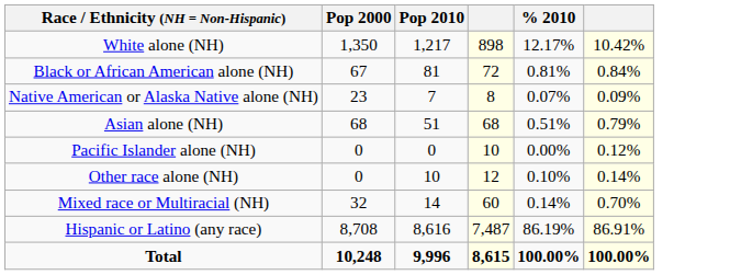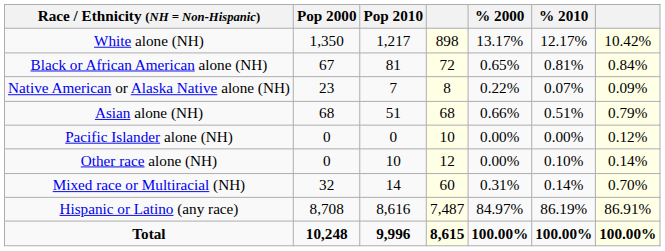 <table class="wikitable" style="text-align:center;">
 <tr>
 <th>Race / Ethnicity <small>(<em>NH = Non-Hispanic</em>)</small></th>
 <th>Pop 2000</th>
 <th>Pop 2010</th>
 <th></th>
+<th>% 2000</th>
 <th>% 2010</th>
 <th></th>
 </tr>
 <tr>
 <td><a href='#'>White</a> alone (NH)</td>
 <td>1,350</td>
 <td>1,217</td>
 <td style='background: #ffffe6;'>898</td>
+<td>13.17%</td>
 <td>12.17%</td>
 <td style='background: #ffffe6;'>10.42%</td>
 </tr>
 <tr>
 <td><a href='#'>Black or African American</a> alone (NH)</td>
 <td>67</td>
 <td>81</td>
 <td style='background: #ffffe6;'>72</td>
+<td>0.65%</td>
 <td>0.81%</td>
 <td style='background: #ffffe6;'>0.84%</td>
 </tr>
 <tr>
 <td><a href='#'>Native American</a> or <a href='#'>Alaska Native</a> alone (NH)</td>
 <td>23</td>
 <td>7</td>
 <td style='background: #ffffe6;'>8</td>
+<td>0.22%</td>
 <td>0.07%</td>
 <td style='background: #ffffe6;'>0.09%</td>
 </tr>
 <tr>
 <td><a href='#'>Asian</a> alone (NH)</td>
 <td>68</td>
 <td>51</td>
 <td style='background: #ffffe6;'>68</td>
+<td>0.66%</td>
 <td>0.51%</td>
 <td style='background: #ffffe6;'>0.79%</td>
 </tr>
 <tr>
 <td><a href='#'>Pacific Islander</a> alone (NH)</td>
 <td>0</td>
 <td>0</td>
 <td style='background: #ffffe6;'>10</td>
 <td>0.00%</td>
+<td>0.00%</td>
 <td style='background: #ffffe6;'>0.12%</td>
 </tr>
 <tr>
 <td><a href='#'>Other race</a> alone (NH)</td>
 <td>0</td>
 <td>10</td>
 <td style='background: #ffffe6;'>12</td>
+<td>0.00%</td>
 <td>0.10%</td>
 <td style='background: #ffffe6;'>0.14%</td>
 </tr>
 <tr>
 <td><a href='#'>Mixed race or Multiracial</a> (NH)</td>
 <td>32</td>
 <td>14</td>
 <td style='background: #ffffe6;'>60</td>
+<td>0.31%</td>
 <td>0.14%</td>
 <td style='background: #ffffe6;'>0.70%</td>
 </tr>
 <tr>
 <td><a href='#'>Hispanic or Latino</a> (any race)</td>
 <td>8,708</td>
 <td>8,616</td>
 <td style='background: #ffffe6;'>7,487</td>
+<td>84.97%</td>
 <td>86.19%</td>
 <td style='background: #ffffe6;'>86.91%</td>
 </tr>
 <tr>
 <td><strong>Total</strong></td>
 <td><strong>10,248</strong></td>
 <td><strong>9,996</strong></td>
 <td style='background: #ffffe6;'><strong>8,615</strong></td>
 <td><strong>100.00%</strong></td>
+<td><strong>100.00%</strong></td>
 <td style='background: #ffffe6;'><strong>100.00%</strong></td>
 </tr>
 </table>
